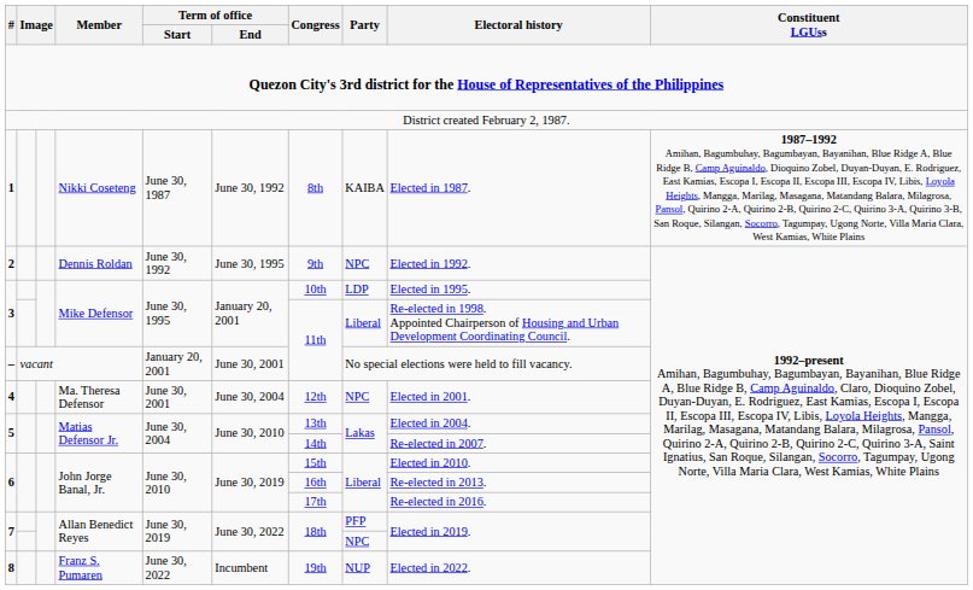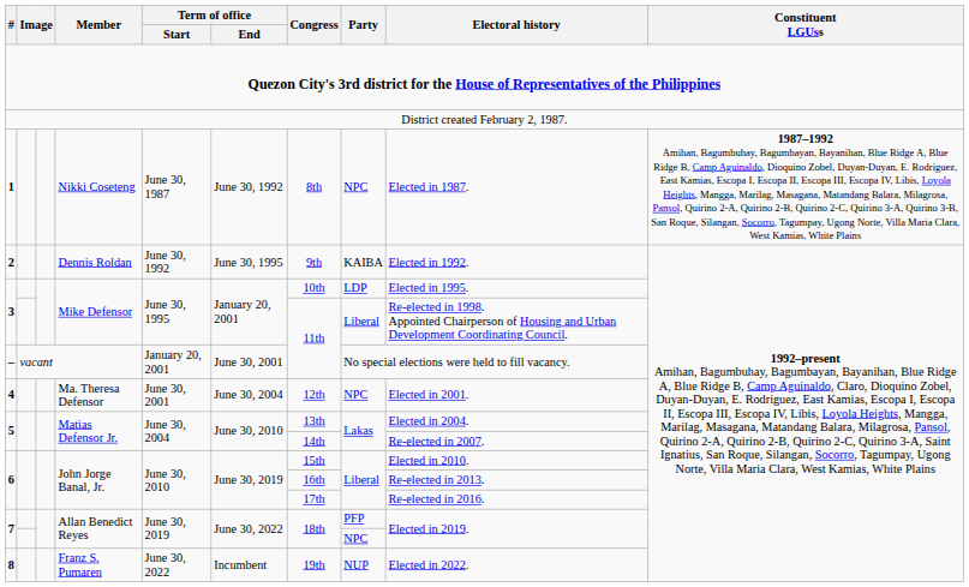 <table class="wikitable">
 <tr>
 <th rowspan="2">#</th>
 <th colspan="2" rowspan="2">Image</th>
 <th rowspan="2">Member</th>
 <th colspan="2">Term of office</th>
 <th rowspan="2">Congress</th>
 <th rowspan="2">Party</th>
 <th rowspan="2">Electoral history</th>
 <th width=33% rowspan="2">Constituent<br><a href='#'>LGUs</a>s</th>
 </tr>
 <tr>
 <th>Start</th>
 <th>End</th>
 </tr>
 <tr>
 <td colspan="10" style="text-align:center;"><br><h3>Quezon City's 3rd district for the <a href='#'>House of Representatives of the Philippines</a></h3></td>
 </tr>
 <tr>
 <td colspan="10" style="text-align:center;">District created February 2, 1987.</td>
 </tr>
 <tr>
 <td style="text-align:center;"><strong>1</strong></td>
 <td style="color:inherit;background:"></td>
 <td></td>
 <td><a href='#'>Nikki Coseteng</a></td>
 <td>June 30, 1987</td>
 <td>June 30, 1992</td>
 <td style="text-align:center;"><a href='#'>8th</a></td>
-<td>KAIBA</td>
+<td><a href='#'>NPC</a></td>
 <td><a href='#'>Elected in 1987</a>.</td>
 <td style="text-align:center;"><strong>1987–1992</strong><br><small>Amihan, Bagumbuhay, Bagumbayan, Bayanihan, Blue Ridge A, Blue Ridge B, <a href='#'>Camp Aguinaldo</a>, Dioquino Zobel, Duyan-Duyan, E. Rodriguez, East Kamias, Escopa I, Escopa II, Escopa III, Escopa IV, Libis, <a href='#'>Loyola Heights</a>, Mangga, Marilag, Masagana, Matandang Balara, Milagrosa, <a href='#'>Pansol</a>, Quirino 2-A, Quirino 2-B, Quirino 2-C, Quirino 3-A, Quirino 3-B, San Roque, Silangan, <a href='#'>Socorro</a>, Tagumpay, Ugong Norte, Villa Maria Clara, West Kamias, White Plains</small></td>
 </tr>
 <tr>
 <td style="text-align:center;"><strong>2</strong></td>
 <td style="color:inherit;background:"></td>
 <td></td>
 <td><a href='#'>Dennis Roldan</a></td>
 <td>June 30, 1992</td>
 <td>June 30, 1995</td>
 <td style="text-align:center;"><a href='#'>9th</a></td>
-<td><a href='#'>NPC</a></td>
+<td>KAIBA</td>
 <td><a href='#'>Elected in 1992</a>.</td>
 <td rowspan="13" style="text-align:center;"><strong>1992–present</strong><br>Amihan, Bagumbuhay, Bagumbayan, Bayanihan, Blue Ridge A, Blue Ridge B, <a href='#'>Camp Aguinaldo</a>, Claro, Dioquino Zobel, Duyan-Duyan, E. Rodriguez, East Kamias, Escopa I, Escopa II, Escopa III, Escopa IV, Libis, <a href='#'>Loyola Heights</a>, Mangga, Marilag, Masagana, Matandang Balara, Milagrosa, <a href='#'>Pansol</a>, Quirino 2-A, Quirino 2-B, Quirino 2-C, Quirino 3-A, Saint Ignatius, San Roque, Silangan, <a href='#'>Socorro</a>, Tagumpay, Ugong Norte, Villa Maria Clara, West Kamias, White Plains</td>
 </tr>
 <tr>
 <td style="text-align:center;" rowspan="2"><strong>3</strong></td>
 <td style="color:inherit;background:"></td>
 <td rowspan="2"></td>
 <td rowspan="2"><a href='#'>Mike Defensor</a></td>
 <td rowspan="2">June 30, 1995</td>
 <td rowspan="2">January 20, 2001</td>
 <td style="text-align:center;"><a href='#'>10th</a></td>
 <td><a href='#'>LDP</a></td>
 <td><a href='#'>Elected in 1995</a>.</td>
 </tr>
 <tr>
 <td style="color:inherit;background:"></td>
 <td style="text-align:center;" rowspan="2"><a href='#'>11th</a></td>
 <td><a href='#'>Liberal</a></td>
 <td><a href='#'>Re-elected in 1998</a>.<br>Appointed Chairperson of <a href='#'>Housing and Urban Development Coordinating Council</a>.</td>
 </tr>
 <tr>
 <td style="text-align:center;"><strong>–</strong></td>
 <td colspan="3"><em>vacant</em></td>
 <td>January 20, 2001</td>
 <td>June 30, 2001</td>
 <td colspan="2">No special elections were held to fill vacancy.</td>
 </tr>
 <tr>
 <td style="text-align:center;"><strong>4</strong></td>
 <td style="color:inherit;background:"></td>
 <td></td>
 <td>Ma. Theresa Defensor</td>
 <td>June 30, 2001</td>
 <td>June 30, 2004</td>
 <td style="text-align:center;"><a href='#'>12th</a></td>
 <td><a href='#'>NPC</a></td>
 <td><a href='#'>Elected in 2001</a>.</td>
 </tr>
 <tr>
 <td style="text-align:center;" rowspan="2"><strong>5</strong></td>
 <td rowspan="2" style="color:inherit;background:"></td>
 <td rowspan="2"></td>
 <td rowspan="2"><a href='#'>Matias Defensor Jr.</a></td>
 <td rowspan="2">June 30, 2004</td>
 <td rowspan="2">June 30, 2010</td>
 <td style="text-align:center;"><a href='#'>13th</a></td>
 <td rowspan="2"><a href='#'>Lakas</a></td>
 <td><a href='#'>Elected in 2004</a>.</td>
 </tr>
 <tr>
 <td style="text-align:center;"><a href='#'>14th</a></td>
 <td><a href='#'>Re-elected in 2007</a>.</td>
 </tr>
 <tr>
 <td style="text-align:center;"  rowspan="3"><strong>6</strong></td>
 <td rowspan="3" style="color:inherit;background:"></td>
 <td rowspan="3"></td>
 <td rowspan="3">John Jorge Banal, Jr.</td>
 <td rowspan="3">June 30, 2010</td>
 <td rowspan="3">June 30, 2019</td>
 <td style="text-align:center;"><a href='#'>15th</a></td>
 <td rowspan="3"><a href='#'>Liberal</a></td>
 <td><a href='#'>Elected in 2010</a>.</td>
 </tr>
 <tr>
 <td style="text-align:center;"><a href='#'>16th</a></td>
 <td><a href='#'>Re-elected in 2013</a>.</td>
 </tr>
 <tr>
 <td style="text-align:center;"><a href='#'>17th</a></td>
 <td><a href='#'>Re-elected in 2016</a>.</td>
 </tr>
 <tr>
 <td style="text-align:center;" rowspan=2><strong>7</strong></td>
 <td style="color:inherit;background:"></td>
 <td rowspan=2></td>
 <td rowspan=2>Allan Benedict Reyes</td>
 <td rowspan=2>June 30, 2019</td>
 <td rowspan=2>June 30, 2022</td>
 <td style="text-align:center;" rowspan=2><a href='#'>18th</a></td>
 <td><a href='#'>PFP</a></td>
 <td rowspan=2><a href='#'>Elected in 2019</a>.</td>
 </tr>
 <tr>
 <td style="color:inherit;background:"></td>
 <td><a href='#'>NPC</a></td>
 </tr>
 <tr>
 <td style="text-align:center;"><strong>8</strong></td>
 <td style="color:inherit;background:"></td>
 <td></td>
 <td><a href='#'>Franz S. Pumaren</a></td>
 <td>June 30, 2022</td>
 <td>Incumbent</td>
 <td style="text-align:center;"><a href='#'>19th</a></td>
 <td><a href='#'>NUP</a></td>
 <td><a href='#'>Elected in 2022</a>.</td>
 </tr>
 </table>
